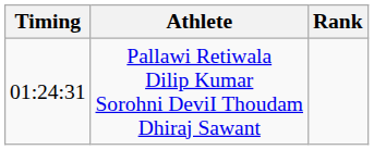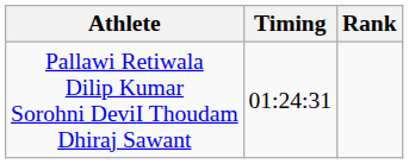 <table class="wikitable" style="text-align:center">
 <tr>
+<th>Athlete</th>
 <th>Timing</th>
-<th>Athlete</th>
 <th>Rank</th>
 </tr>
 <tr>
+<td><a href='#'>Pallawi Retiwala</a><br><a href='#'>Dilip Kumar</a><br><a href='#'>Sorohni DeviI Thoudam</a><br><a href='#'>Dhiraj Sawant</a></td>
 <td>01:24:31</td>
-<td><a href='#'>Pallawi Retiwala</a><br><a href='#'>Dilip Kumar</a><br><a href='#'>Sorohni DeviI Thoudam</a><br><a href='#'>Dhiraj Sawant</a></td>
 <td></td>
 </tr>
 </table>
